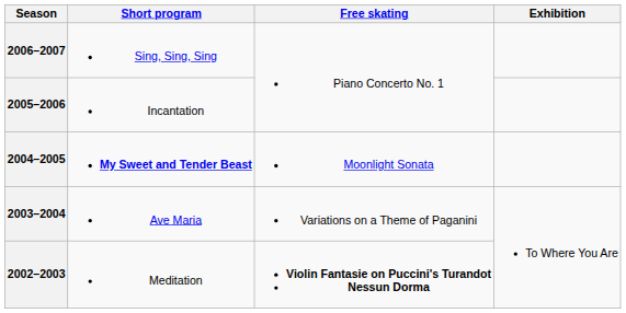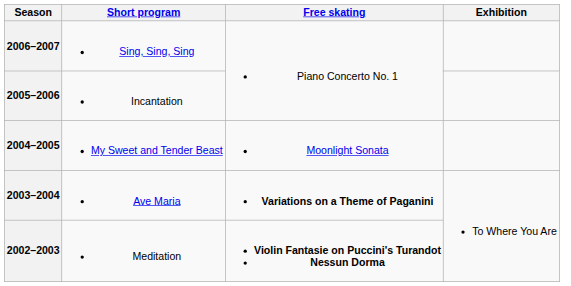 <table class=wikitable style=text-align:center>
 <tr>
 <th>Season</th>
 <th><a href='#'>Short program</a></th>
 <th><a href='#'>Free skating</a></th>
 <th>Exhibition</th>
 </tr>
 <tr>
 <th>2006–2007 <br> </th>
 <td><br><ul><li><a href='#'>Sing, Sing, Sing</a> <br></li></ul></td>
 <td rowspan=2><br><ul><li>Piano Concerto No. 1 <br></li></ul></td>
 <td></td>
 </tr>
 <tr>
 <th>2005–2006 <br> </th>
 <td><br><ul><li>Incantation <br></li></ul></td>
 <td></td>
 </tr>
 <tr>
 <th>2004–2005 <br> </th>
-<td><strong><br><ul><li><a href='#'>My Sweet and Tender Beast</a> <br></li></ul></strong></td>
+<td><br><ul><li><a href='#'>My Sweet and Tender Beast</a> <br></li></ul></td>
 <td><br><ul><li><a href='#'>Moonlight Sonata</a> <br></li></ul></td>
 <td></td>
 </tr>
 <tr>
 <th>2003–2004 <br> </th>
 <td><br><ul><li><a href='#'>Ave Maria</a> <br></li></ul></td>
-<td><br><ul><li>Variations on a Theme of Paganini <br></li></ul></td>
+<td><strong><br><ul><li>Variations on a Theme of Paganini <br></li></ul></strong></td>
 <td rowspan=2><br><ul><li>To Where You Are <br></li></ul></td>
 </tr>
 <tr>
 <th>2002–2003 <br> </th>
 <td><br><ul><li>Meditation <br></li></ul></td>
 <td><strong><br><ul><li>Violin Fantasie on Puccini's Turandot <br></li><li>Nessun Dorma <br></li></ul></strong></td>
 </tr>
 </table>
